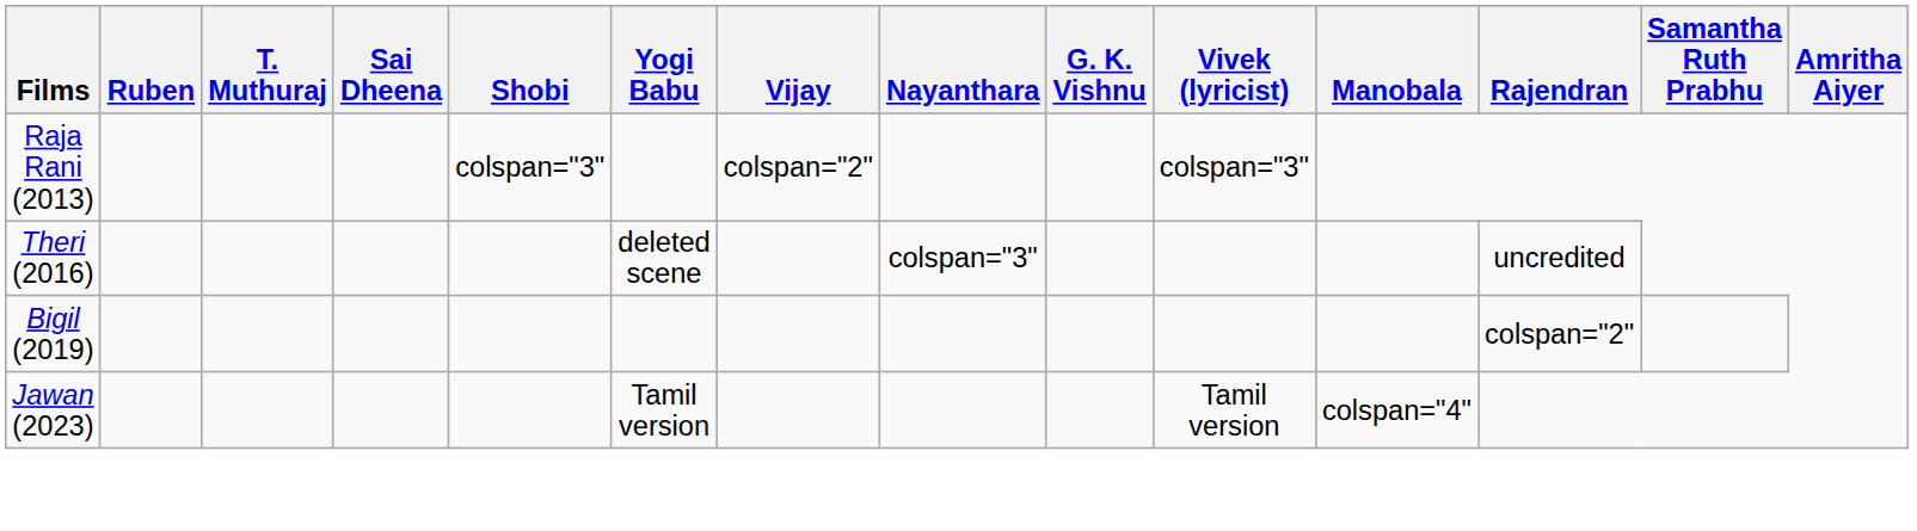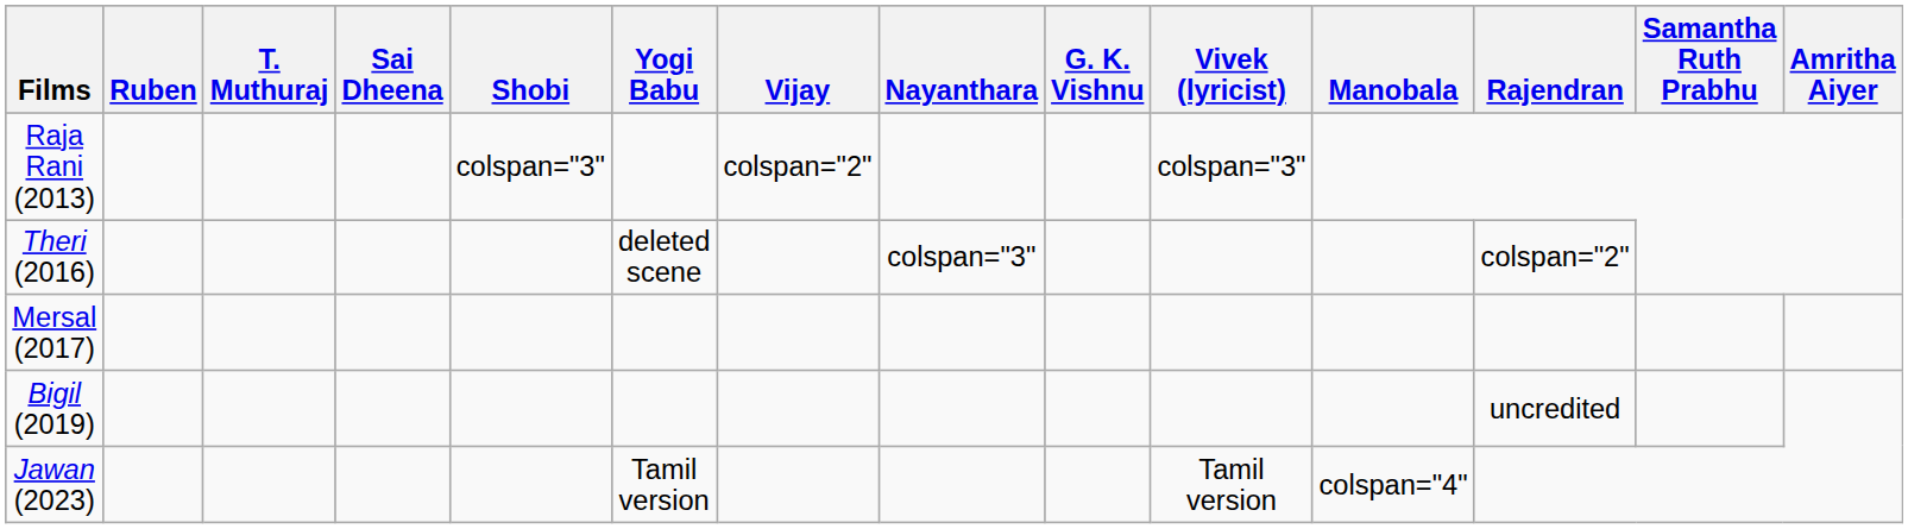 <table class="wikitable" style="text-align:center;font-size:90%;">
 <tr style="vertical-align:bottom;">
 <th>Films</th>
 <th><a href='#'>Ruben</a></th>
 <th><a href='#'>T. Muthuraj</a></th>
 <th><a href='#'>Sai Dheena</a></th>
 <th><a href='#'>Shobi</a></th>
 <th><a href='#'>Yogi Babu</a></th>
 <th><a href='#'>Vijay</a></th>
 <th><a href='#'>Nayanthara</a></th>
 <th><a href='#'>G. K. Vishnu</a></th>
 <th><a href='#'>Vivek (lyricist)</a></th>
 <th><a href='#'>Manobala</a></th>
 <th><a href='#'>Rajendran</a></th>
 <th><a href='#'>Samantha Ruth Prabhu</a></th>
 <th><a href='#'>Amritha Aiyer</a></th>
 </tr>
 <tr>
 <td><em><a href='#'></em>Raja Rani<em></a></em> (2013)</td>
 <td></td>
 <td></td>
 <td></td>
 <td>colspan="3" </td>
 <td></td>
 <td>colspan="2" </td>
 <td></td>
 <td></td>
 <td>colspan="3" </td>
 </tr>
 <tr>
 <td><a href='#'><em>Theri</em></a> (2016)</td>
 <td></td>
 <td></td>
 <td></td>
 <td></td>
 <td>deleted scene</td>
 <td></td>
 <td>colspan="3" </td>
 <td></td>
 <td></td>
 <td></td>
-<td>uncredited</td>
+<td>colspan="2" </td>
+</tr>
+<tr>
+<td><em> <a href='#'></em>Mersal<em></a></em> (2017)</td>
+<td></td>
+<td></td>
+<td></td>
+<td></td>
+<td></td>
+<td></td>
+<td></td>
+<td></td>
+<td></td>
+<td></td>
+<td></td>
+<td></td>
+<td></td>
 </tr>
 <tr>
 <td><em><a href='#'>Bigil</a></em> (2019)</td>
 <td></td>
 <td></td>
 <td></td>
 <td></td>
 <td></td>
 <td></td>
 <td></td>
 <td></td>
 <td></td>
 <td></td>
-<td>colspan="2" </td>
+<td>uncredited</td>
 <td></td>
 </tr>
 <tr>
 <td><em><a href='#'>Jawan</a></em> (2023)</td>
 <td></td>
 <td></td>
 <td></td>
 <td></td>
 <td>Tamil version</td>
 <td></td>
 <td></td>
 <td></td>
 <td> Tamil version</td>
 <td>colspan="4" </td>
 </tr>
 </table>
